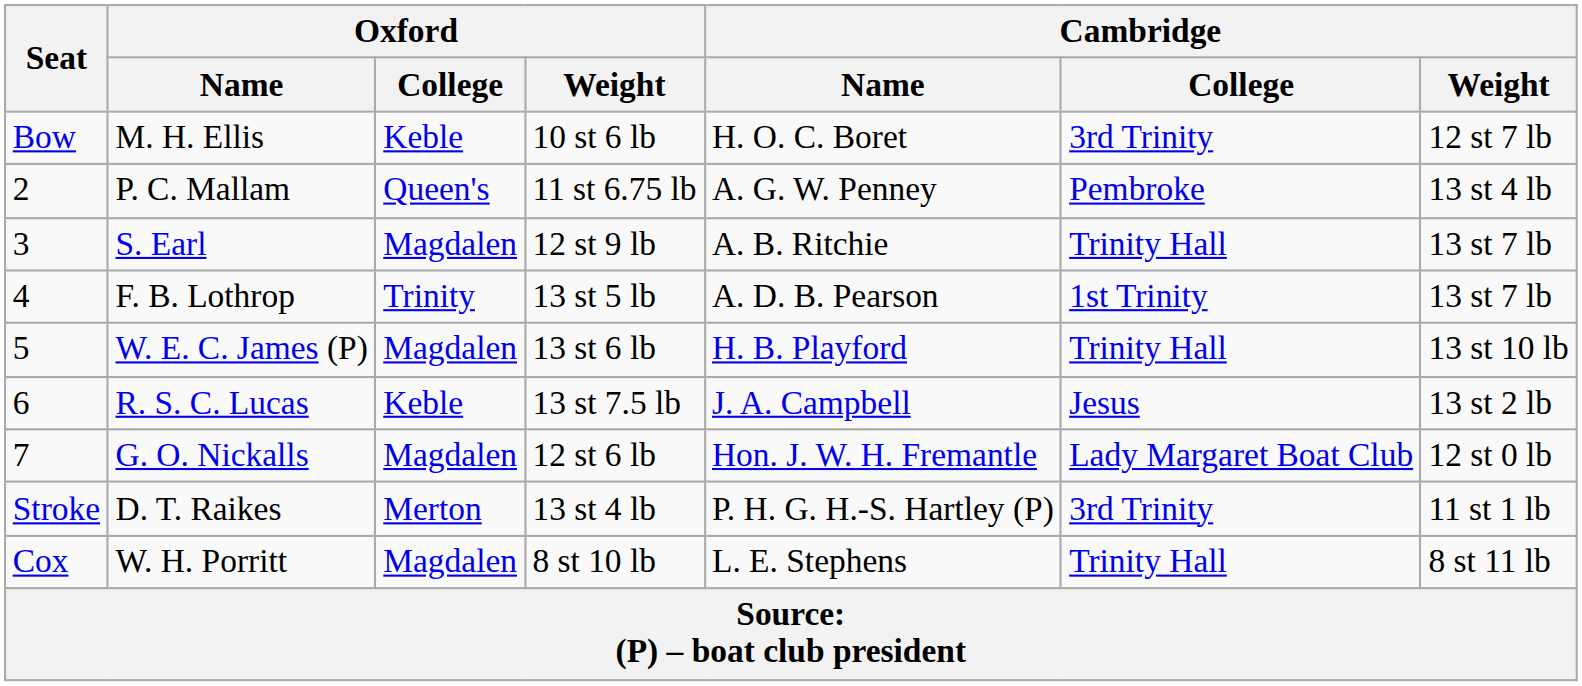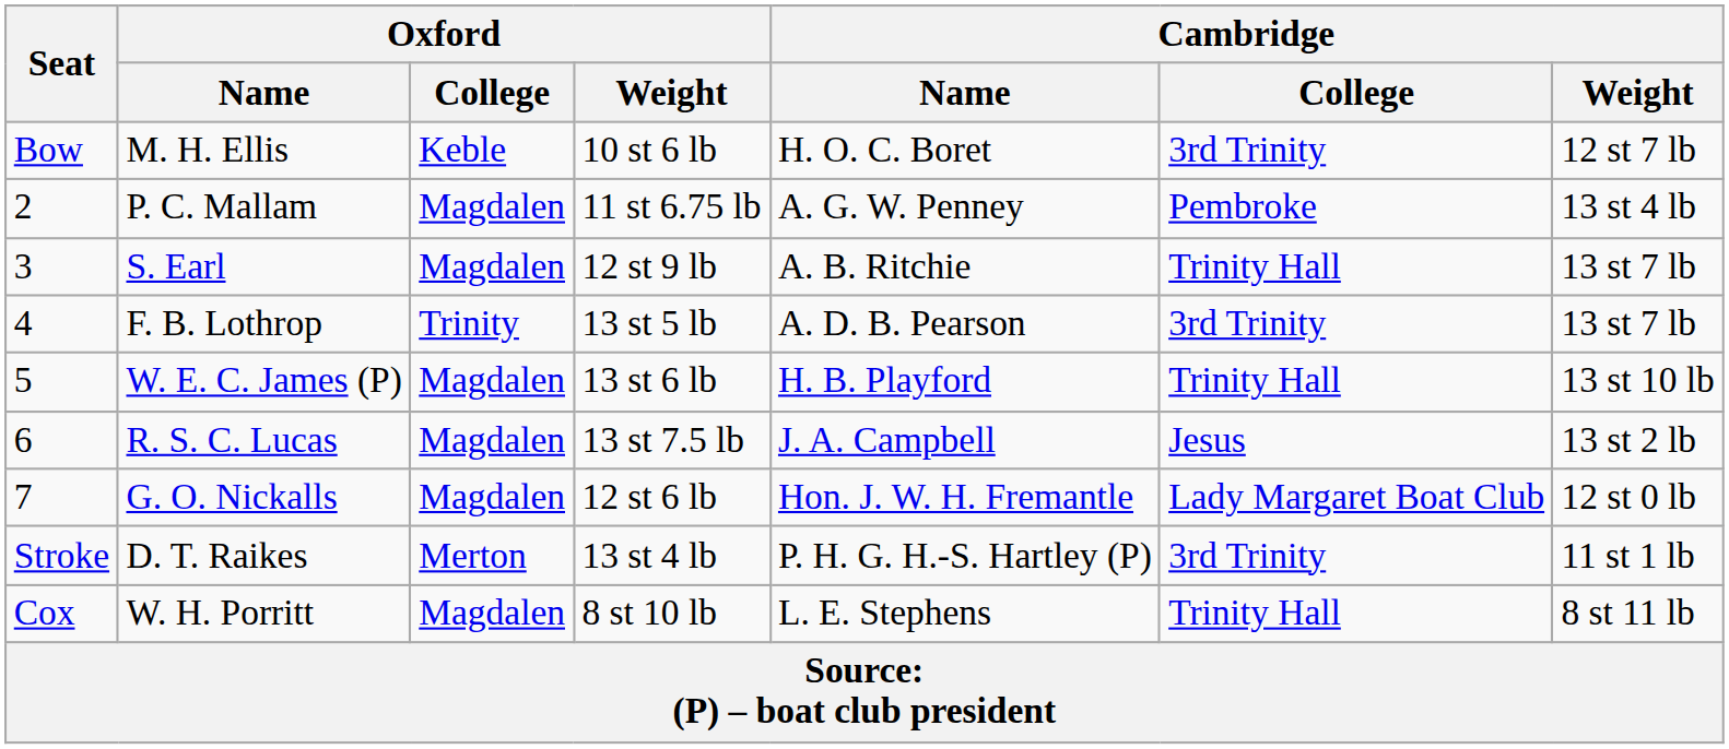 <table class="wikitable">
 <tr>
 <th rowspan="2" scope="col">Seat</th>
 <th colspan="3" scope="col">Oxford <br> </th>
 <th colspan="3" scope="col">Cambridge <br> </th>
 </tr>
 <tr>
 <th>Name</th>
 <th>College</th>
 <th>Weight</th>
 <th>Name</th>
 <th>College</th>
 <th>Weight</th>
 </tr>
 <tr>
 <td><a href='#'>Bow</a></td>
 <td>M. H. Ellis</td>
 <td><a href='#'>Keble</a></td>
 <td>10 st 6 lb</td>
 <td>H. O. C. Boret</td>
 <td><a href='#'>3rd Trinity</a></td>
 <td>12 st 7 lb</td>
 </tr>
 <tr>
 <td>2</td>
 <td>P. C. Mallam</td>
-<td><a href='#'>Queen's</a></td>
+<td><a href='#'>Magdalen</a></td>
 <td>11 st 6.75 lb</td>
 <td>A. G. W. Penney</td>
 <td><a href='#'>Pembroke</a></td>
 <td>13 st 4 lb</td>
 </tr>
 <tr>
 <td>3</td>
 <td><a href='#'>S. Earl</a></td>
 <td><a href='#'>Magdalen</a></td>
 <td>12 st 9 lb</td>
 <td>A. B. Ritchie</td>
 <td><a href='#'>Trinity Hall</a></td>
 <td>13 st 7 lb</td>
 </tr>
 <tr>
 <td>4</td>
 <td>F. B. Lothrop</td>
 <td><a href='#'>Trinity</a></td>
 <td>13 st 5 lb</td>
 <td>A. D. B. Pearson</td>
-<td><a href='#'>1st Trinity</a></td>
+<td><a href='#'>3rd Trinity</a></td>
 <td>13 st 7 lb</td>
 </tr>
 <tr>
 <td>5</td>
 <td><a href='#'>W. E. C. James</a> (P)</td>
 <td><a href='#'>Magdalen</a></td>
 <td>13 st 6 lb</td>
 <td><a href='#'>H. B. Playford</a></td>
 <td><a href='#'>Trinity Hall</a></td>
 <td>13 st 10 lb</td>
 </tr>
 <tr>
 <td>6</td>
 <td><a href='#'>R. S. C. Lucas</a></td>
-<td><a href='#'>Keble</a></td>
+<td><a href='#'>Magdalen</a></td>
 <td>13 st 7.5 lb</td>
 <td><a href='#'>J. A. Campbell</a></td>
 <td><a href='#'>Jesus</a></td>
 <td>13 st 2 lb</td>
 </tr>
 <tr>
 <td>7</td>
 <td><a href='#'>G. O. Nickalls</a></td>
 <td><a href='#'>Magdalen</a></td>
 <td>12 st 6 lb</td>
 <td><a href='#'>Hon. J. W. H. Fremantle</a></td>
 <td><a href='#'>Lady Margaret Boat Club</a></td>
 <td>12 st 0 lb</td>
 </tr>
 <tr>
 <td><a href='#'>Stroke</a></td>
 <td>D. T. Raikes</td>
 <td><a href='#'>Merton</a></td>
 <td>13 st 4 lb</td>
 <td>P. H. G. H.-S. Hartley (P)</td>
 <td><a href='#'>3rd Trinity</a></td>
 <td>11 st 1 lb</td>
 </tr>
 <tr>
 <td><a href='#'>Cox</a></td>
 <td>W. H. Porritt</td>
 <td><a href='#'>Magdalen</a></td>
 <td>8 st 10 lb</td>
 <td>L. E. Stephens</td>
 <td><a href='#'>Trinity Hall</a></td>
 <td>8 st 11 lb</td>
 </tr>
 <tr>
 <th colspan="7">Source:<br>(P) – boat club president</th>
 </tr>
 </table>
